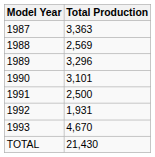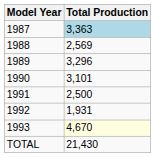 <table class="wikitable">
 <tr>
 <th>Model Year</th>
 <th>Total Production</th>
 </tr>
 <tr>
 <td>1987</td>
-<td>3,363</td>
+<td style="background: lightblue;">3,363</td>
 </tr>
 <tr>
 <td>1988</td>
 <td>2,569</td>
 </tr>
 <tr>
 <td>1989</td>
 <td>3,296</td>
 </tr>
 <tr>
 <td>1990</td>
 <td>3,101</td>
 </tr>
 <tr>
 <td>1991</td>
 <td>2,500</td>
 </tr>
 <tr>
 <td>1992</td>
 <td>1,931</td>
 </tr>
 <tr>
 <td>1993</td>
-<td>4,670</td>
+<td style="background: lightyellow;">4,670</td>
 </tr>
 <tr>
 <td>TOTAL</td>
 <td>21,430</td>
 </tr>
 </table>
